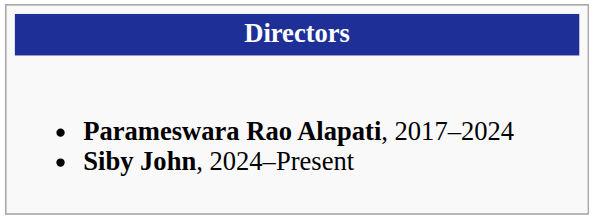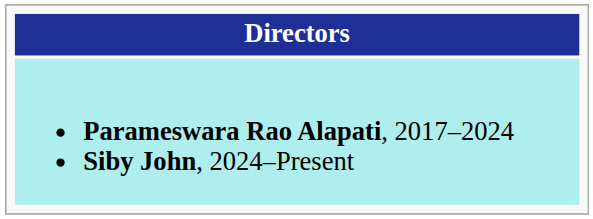 <table class="infobox" style="width:22em;">
 <tr>
 <th style="white-space: nowrap; background:#1e2f97; text-align:center;;color:white;padding:.2em;">Directors</th>
 </tr>
 <tr>
-<td style="text-align: left;"><br><ul><li><strong>Parameswara Rao Alapati</strong>, 2017–2024</li><li><strong>Siby John</strong>, 2024–Present</li></ul></td>
+<td style="background: paleturquoise; text-align: left;"><br><ul><li><strong>Parameswara Rao Alapati</strong>, 2017–2024</li><li><strong>Siby John</strong>, 2024–Present</li></ul></td>
 </tr>
 </table>
